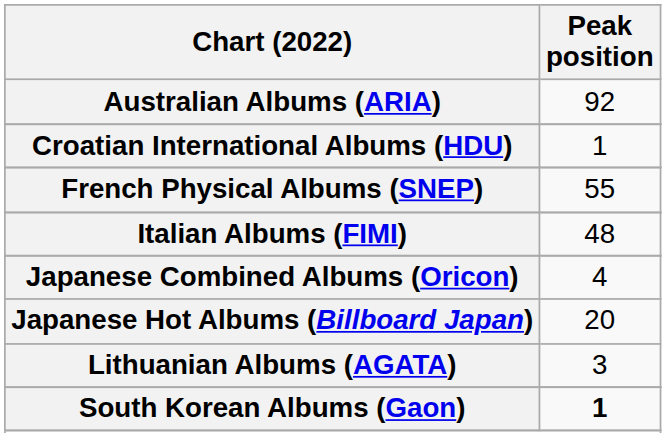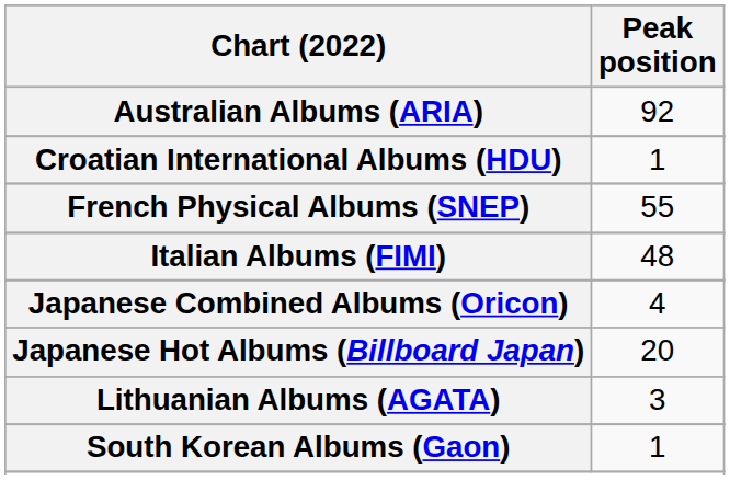 <table class="wikitable sortable plainrowheaders" style="text-align:center">
 <tr>
 <th scope="col">Chart (2022)</th>
 <th scope="col">Peak<br>position</th>
 </tr>
 <tr>
 <th scope="row">Australian Albums (<a href='#'>ARIA</a>)</th>
 <td>92</td>
 </tr>
 <tr>
 </tr>
 <tr>
 </tr>
 <tr>
 </tr>
 <tr>
 </tr>
 <tr>
 <th scope="row">Croatian International Albums (<a href='#'>HDU</a>)</th>
 <td>1</td>
 </tr>
 <tr>
 </tr>
 <tr>
 </tr>
 <tr>
 </tr>
 <tr>
 </tr>
 <tr>
 <th scope="row">French Physical Albums (<a href='#'>SNEP</a>)</th>
 <td>55</td>
 </tr>
 <tr>
 </tr>
 <tr>
 </tr>
 <tr>
 <th scope="row">Italian Albums (<a href='#'>FIMI</a>)</th>
 <td>48</td>
 </tr>
 <tr>
 </tr>
 <tr>
 <th scope="row">Japanese Combined Albums (<a href='#'>Oricon</a>)</th>
 <td>4</td>
 </tr>
 <tr>
 <th scope="row">Japanese Hot Albums (<em><a href='#'>Billboard Japan</a></em>)</th>
 <td>20</td>
 </tr>
 <tr>
 <th scope="row">Lithuanian Albums (<a href='#'>AGATA</a>)</th>
 <td>3</td>
 </tr>
 <tr>
 </tr>
 <tr>
 </tr>
 <tr>
 <th scope="row">South Korean Albums (<a href='#'>Gaon</a>)</th>
-<td><strong>1</strong></td>
+<td>1</td>
 </tr>
 <tr>
 </tr>
 <tr>
 </tr>
 <tr>
 </tr>
 <tr>
 </tr>
 <tr>
 </tr>
 <tr>
 </tr>
 <tr>
 </tr>
 </table>
